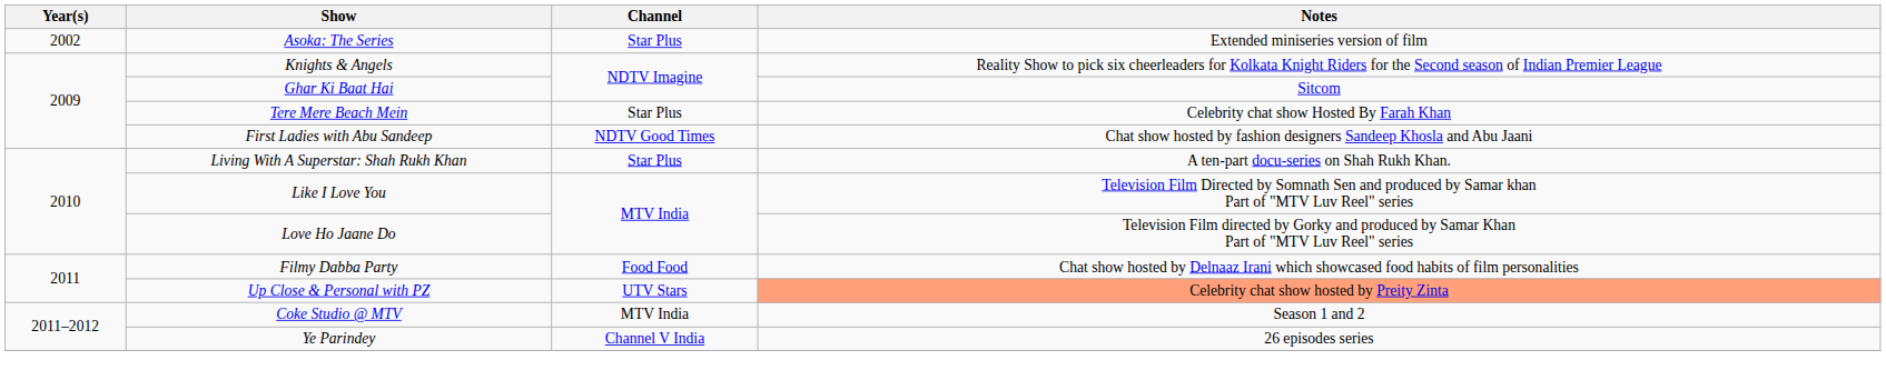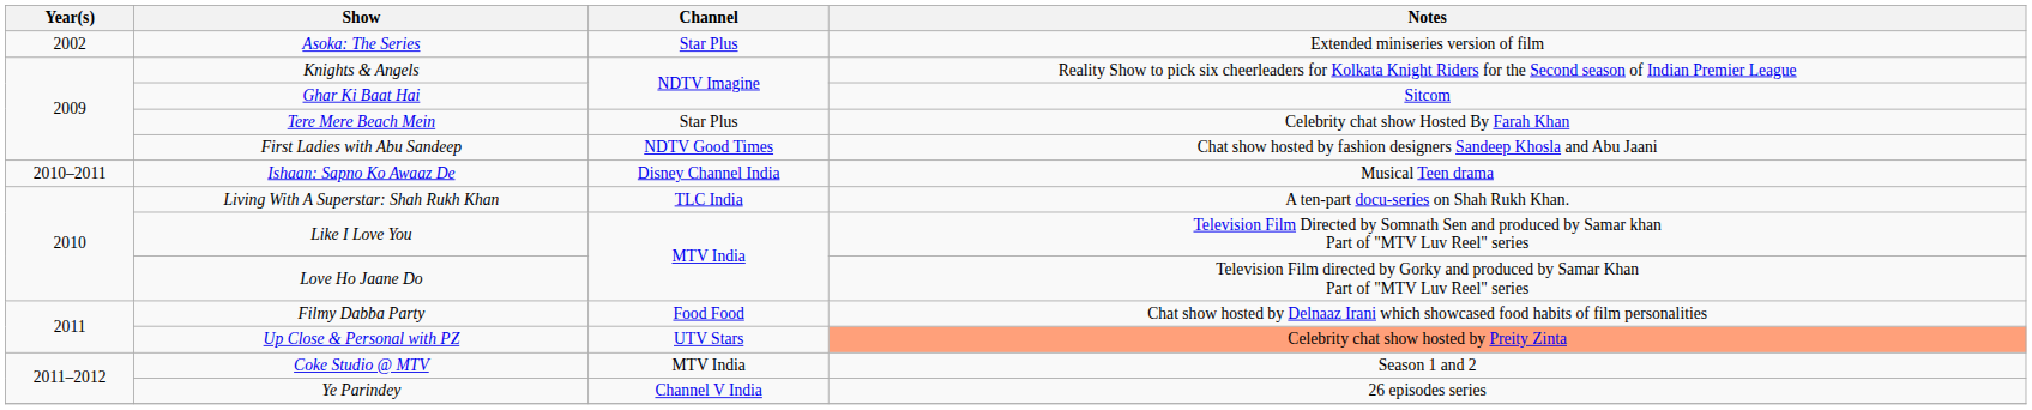 <table class="wikitable" style="width: 100%; text-align: center;">
 <tr>
 <th>Year(s)</th>
 <th>Show</th>
 <th>Channel</th>
 <th>Notes</th>
 </tr>
 <tr>
 <td>2002</td>
 <td><em><a href='#'>Asoka: The Series</a></em></td>
 <td><a href='#'>Star Plus</a></td>
 <td>Extended miniseries version of film</td>
 </tr>
 <tr>
 <td rowspan="4">2009</td>
 <td><em>Knights & Angels</em></td>
 <td rowspan="2"><a href='#'>NDTV Imagine</a></td>
 <td>Reality Show to pick six cheerleaders for <a href='#'>Kolkata Knight Riders</a> for the <a href='#'>Second season</a> of <a href='#'>Indian Premier League</a></td>
 </tr>
 <tr>
 <td><em><a href='#'>Ghar Ki Baat Hai</a></em></td>
 <td><a href='#'>Sitcom</a></td>
 </tr>
 <tr>
 <td><em><a href='#'>Tere Mere Beach Mein</a></em></td>
 <td>Star Plus</td>
 <td>Celebrity chat show Hosted By <a href='#'>Farah Khan</a></td>
 </tr>
 <tr>
 <td><em>First Ladies with Abu Sandeep </em></td>
 <td><a href='#'>NDTV Good Times</a></td>
 <td>Chat show hosted by fashion designers <a href='#'>Sandeep Khosla</a> and Abu Jaani</td>
 </tr>
 <tr>
+<td>2010–2011</td>
+<td><em><a href='#'>Ishaan: Sapno Ko Awaaz De</a></em></td>
+<td><a href='#'>Disney Channel India</a></td>
+<td>Musical <a href='#'>Teen drama</a></td>
+</tr>
+<tr>
 <td rowspan="3">2010</td>
 <td><em>Living With A Superstar: Shah Rukh Khan</em></td>
-<td><a href='#'>Star Plus</a></td>
+<td><a href='#'>TLC India</a></td>
 <td>A ten-part <a href='#'>docu-series</a> on Shah Rukh Khan.</td>
 </tr>
 <tr>
 <td><em>Like I Love You</em></td>
 <td rowspan="2"><a href='#'>MTV India</a></td>
 <td><a href='#'>Television Film</a> Directed by Somnath Sen and produced by Samar khan <br> Part of "MTV Luv Reel" series</td>
 </tr>
 <tr>
 <td><em>Love Ho Jaane Do</em></td>
 <td>Television Film directed by Gorky and produced by Samar Khan <br> Part of "MTV Luv Reel" series</td>
 </tr>
 <tr>
 <td rowspan="2">2011</td>
 <td><em>Filmy Dabba Party</em></td>
 <td><a href='#'>Food Food</a></td>
 <td>Chat show hosted by <a href='#'>Delnaaz Irani</a> which showcased food habits of film personalities</td>
 </tr>
 <tr>
 <td><em><a href='#'>Up Close & Personal with PZ</a></em></td>
 <td><a href='#'>UTV Stars</a></td>
 <td style="background: lightsalmon;">Celebrity chat show hosted by <a href='#'>Preity Zinta</a></td>
 </tr>
 <tr>
 <td rowspan="2">2011–2012</td>
 <td><em><a href='#'>Coke Studio @ MTV</a></em></td>
 <td>MTV India</td>
 <td>Season 1 and 2</td>
 </tr>
 <tr>
 <td><em>Ye Parindey</em></td>
 <td><a href='#'>Channel V India</a></td>
 <td>26 episodes series</td>
 </tr>
 <tr>
 </tr>
 </table>
